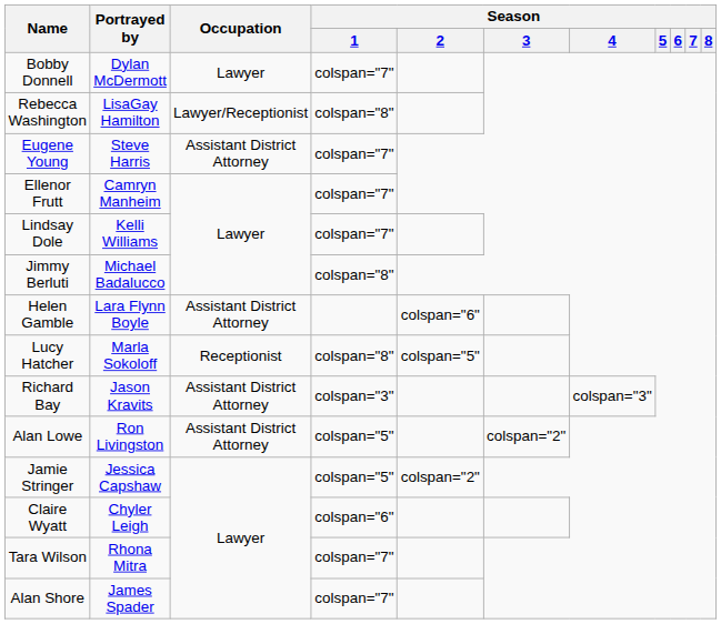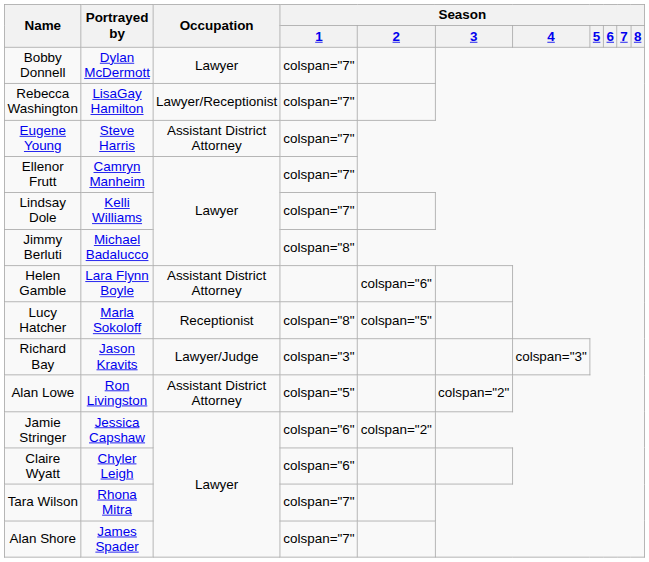 <table class="wikitable plainrowheaders" style="text-align:center;">
 <tr>
 <th scope="col" rowspan="2">Name</th>
 <th scope="col" rowspan="2">Portrayed by</th>
 <th scope="col" rowspan="2">Occupation</th>
 <th scope="col" colspan="8">Season</th>
 </tr>
 <tr>
 <th scope="col" style="width:5%;"><a href='#'>1</a></th>
 <th scope="col" style="width:5%;"><a href='#'>2</a></th>
 <th scope="col" style="width:5%;"><a href='#'>3</a></th>
 <th scope="col" style="width:5%;"><a href='#'>4</a></th>
 <th scope="col" style="width:5%;"><a href='#'>5</a></th>
 <th scope="col" style="width:5%;"><a href='#'>6</a></th>
 <th scope="col" style="width:5%;"><a href='#'>7</a></th>
 <th scope="col" style="width:5%;"><a href='#'>8</a></th>
 </tr>
 <tr>
 <td scope="row">Bobby Donnell</td>
 <td><a href='#'>Dylan McDermott</a></td>
 <td>Lawyer</td>
 <td>colspan="7" </td>
 <td></td>
 </tr>
 <tr>
 <td scope="row">Rebecca Washington</td>
 <td><a href='#'>LisaGay Hamilton</a></td>
 <td>Lawyer/Receptionist</td>
-<td>colspan="8" </td>
+<td>colspan="7" </td>
 <td></td>
 </tr>
 <tr>
 <td scope="row"><a href='#'>Eugene Young</a></td>
 <td><a href='#'>Steve Harris</a></td>
 <td>Assistant District Attorney</td>
 <td>colspan="7" </td>
 </tr>
 <tr>
 <td scope="row">Ellenor Frutt</td>
 <td><a href='#'>Camryn Manheim</a></td>
 <td rowspan=3>Lawyer</td>
 <td>colspan="7" </td>
 </tr>
 <tr>
 <td scope="row">Lindsay Dole</td>
 <td><a href='#'>Kelli Williams</a></td>
 <td>colspan="7" </td>
 <td></td>
 </tr>
 <tr>
 <td scope="row">Jimmy Berluti</td>
 <td><a href='#'>Michael Badalucco</a></td>
 <td>colspan="8" </td>
 </tr>
 <tr>
 <td scope="row">Helen Gamble</td>
 <td><a href='#'>Lara Flynn Boyle</a></td>
 <td>Assistant District Attorney</td>
 <td></td>
 <td>colspan="6" </td>
 <td></td>
 </tr>
 <tr>
 <td scope="row">Lucy Hatcher</td>
 <td><a href='#'>Marla Sokoloff</a></td>
 <td>Receptionist</td>
 <td>colspan="8" </td>
 <td>colspan="5" </td>
 <td></td>
 </tr>
 <tr>
 <td scope="row">Richard Bay</td>
 <td><a href='#'>Jason Kravits</a></td>
-<td>Assistant District Attorney</td>
+<td>Lawyer/Judge</td>
 <td>colspan="3" </td>
 <td></td>
 <td></td>
 <td>colspan="3" </td>
 </tr>
 <tr>
 <td scope="row">Alan Lowe</td>
 <td><a href='#'>Ron Livingston</a></td>
 <td>Assistant District Attorney</td>
 <td>colspan="5" </td>
 <td></td>
 <td>colspan="2" </td>
 </tr>
 <tr>
 <td scope="row">Jamie Stringer</td>
 <td><a href='#'>Jessica Capshaw</a></td>
 <td rowspan=4>Lawyer</td>
-<td>colspan="5" </td>
+<td>colspan="6" </td>
 <td>colspan="2" </td>
 </tr>
 <tr>
 <td scope="row">Claire Wyatt</td>
 <td><a href='#'>Chyler Leigh</a></td>
 <td>colspan="6" </td>
 <td></td>
 <td></td>
 </tr>
 <tr>
 <td scope="row">Tara Wilson</td>
 <td><a href='#'>Rhona Mitra</a></td>
 <td>colspan="7" </td>
 <td></td>
 </tr>
 <tr>
 <td scope="row">Alan Shore</td>
 <td><a href='#'>James Spader</a></td>
 <td>colspan="7" </td>
 <td></td>
 </tr>
 </table>
